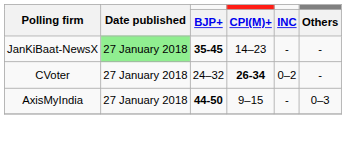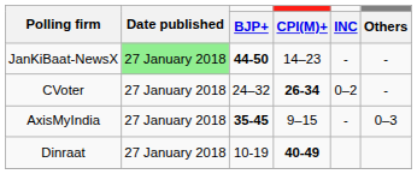 <table class="wikitable collapsible" style="text-align:center;font-size:85%;line-height:25px">
 <tr>
 <th class="wikitable" rowspan="2">Polling firm</th>
 <th class="wikitable" rowspan="2">Date published</th>
 <td></td>
 <td bgcolor=#FF1D15></td>
 <td></td>
 <td style="background:gray;"></td>
 </tr>
 <tr>
 <th class="wikitable"><a href='#'>BJP+</a></th>
 <th class="wikitable"><a href='#'>CPI(M)+</a></th>
 <th class="wikitable"><a href='#'>INC</a></th>
 <th class="wikitable">Others</th>
 </tr>
 <tr>
 <td>JanKiBaat-NewsX</td>
 <td style="background: lightgreen;">27 January 2018</td>
-<td><strong>35-45</strong></td>
+<td><strong>44-50</strong></td>
 <td>14–23</td>
 <td>-</td>
 <td>-</td>
 </tr>
 <tr>
 <td>CVoter</td>
 <td>27 January 2018</td>
 <td>24–32</td>
 <td><strong>26-34</strong></td>
 <td>0–2</td>
 <td>-</td>
 </tr>
 <tr>
 <td>AxisMyIndia</td>
 <td>27 January 2018</td>
-<td><strong>44-50</strong></td>
+<td><strong>35-45</strong></td>
 <td>9–15</td>
 <td>-</td>
 <td>0–3</td>
 </tr>
 <tr>
+<td>Dinraat</td>
+<td>27 January 2018</td>
+<td>10-19</td>
+<td><strong>40-49</strong></td>
+<td></td>
+<td></td>
+</tr>
+<tr>
 </tr>
 </table>
